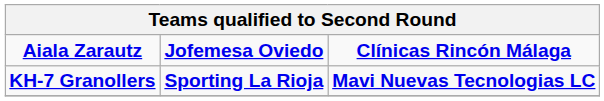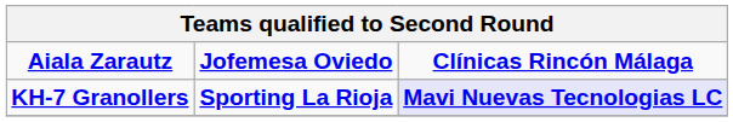 <table class="wikitable" style="text-align: center; margin: 0 auto;">
 <tr>
 <th colspan="4">Teams qualified to Second Round</th>
 </tr>
 <tr>
 <td><strong><a href='#'>Aiala Zarautz</a></strong></td>
 <td><strong><a href='#'>Jofemesa Oviedo</a></strong></td>
 <td><strong><a href='#'>Clínicas Rincón Málaga</a></strong></td>
 </tr>
 <tr>
 <td><strong><a href='#'>KH-7 Granollers</a></strong></td>
 <td><strong><a href='#'>Sporting La Rioja</a></strong></td>
-<td><strong><a href='#'>Mavi Nuevas Tecnologias LC</a></strong></td>
+<td style="background: lavender;"><strong><a href='#'>Mavi Nuevas Tecnologias LC</a></strong></td>
 </tr>
 <tr>
 </tr>
 </table>
